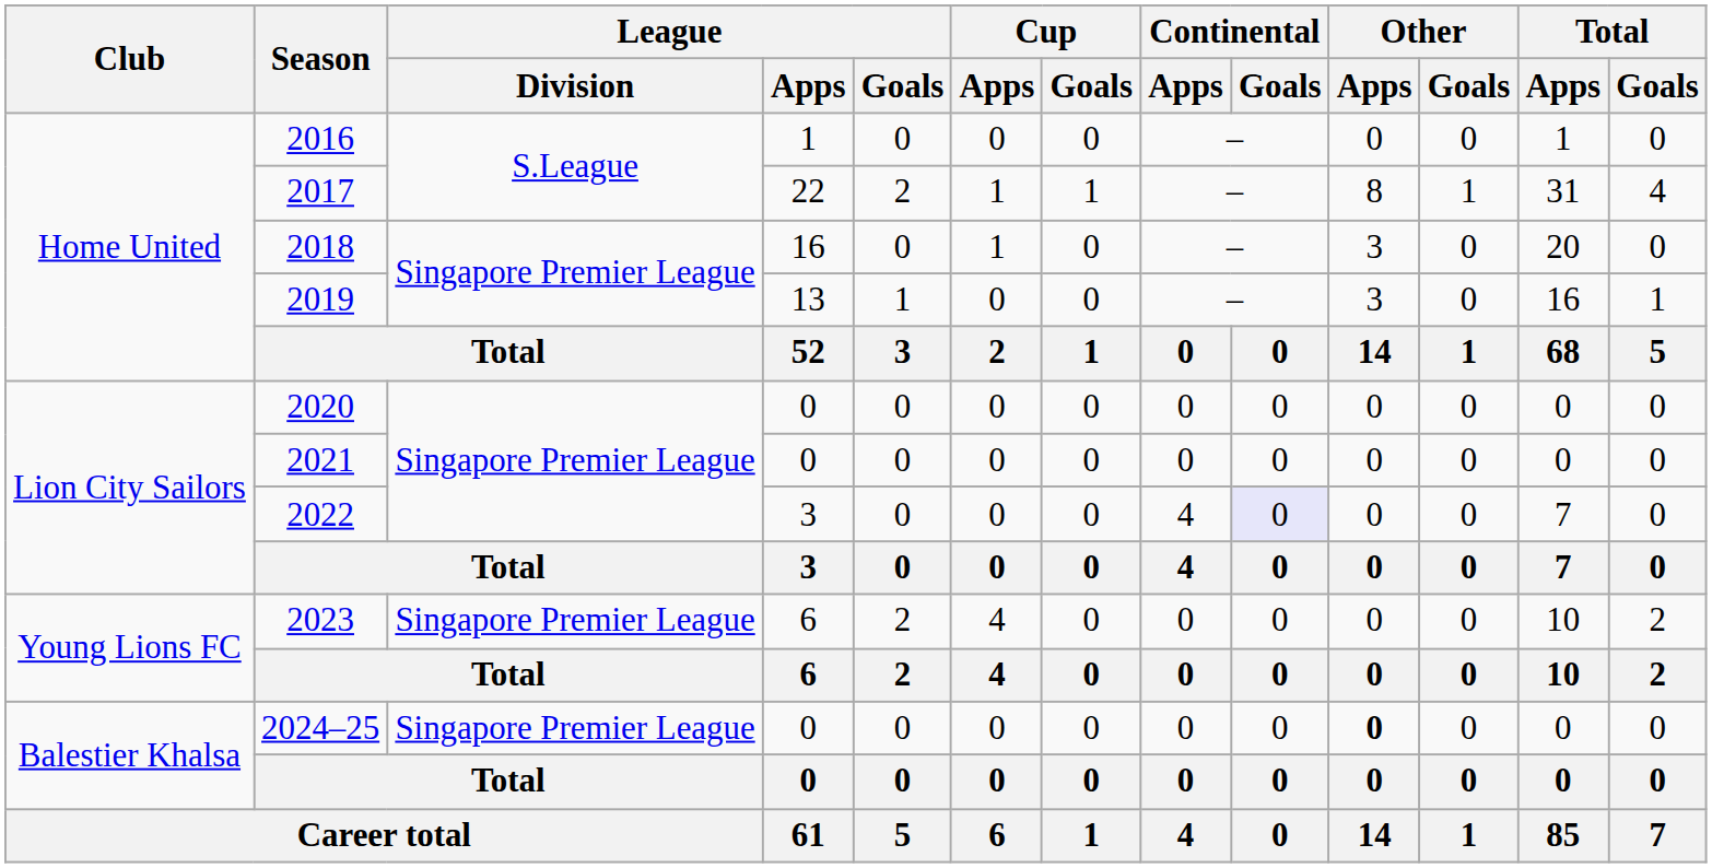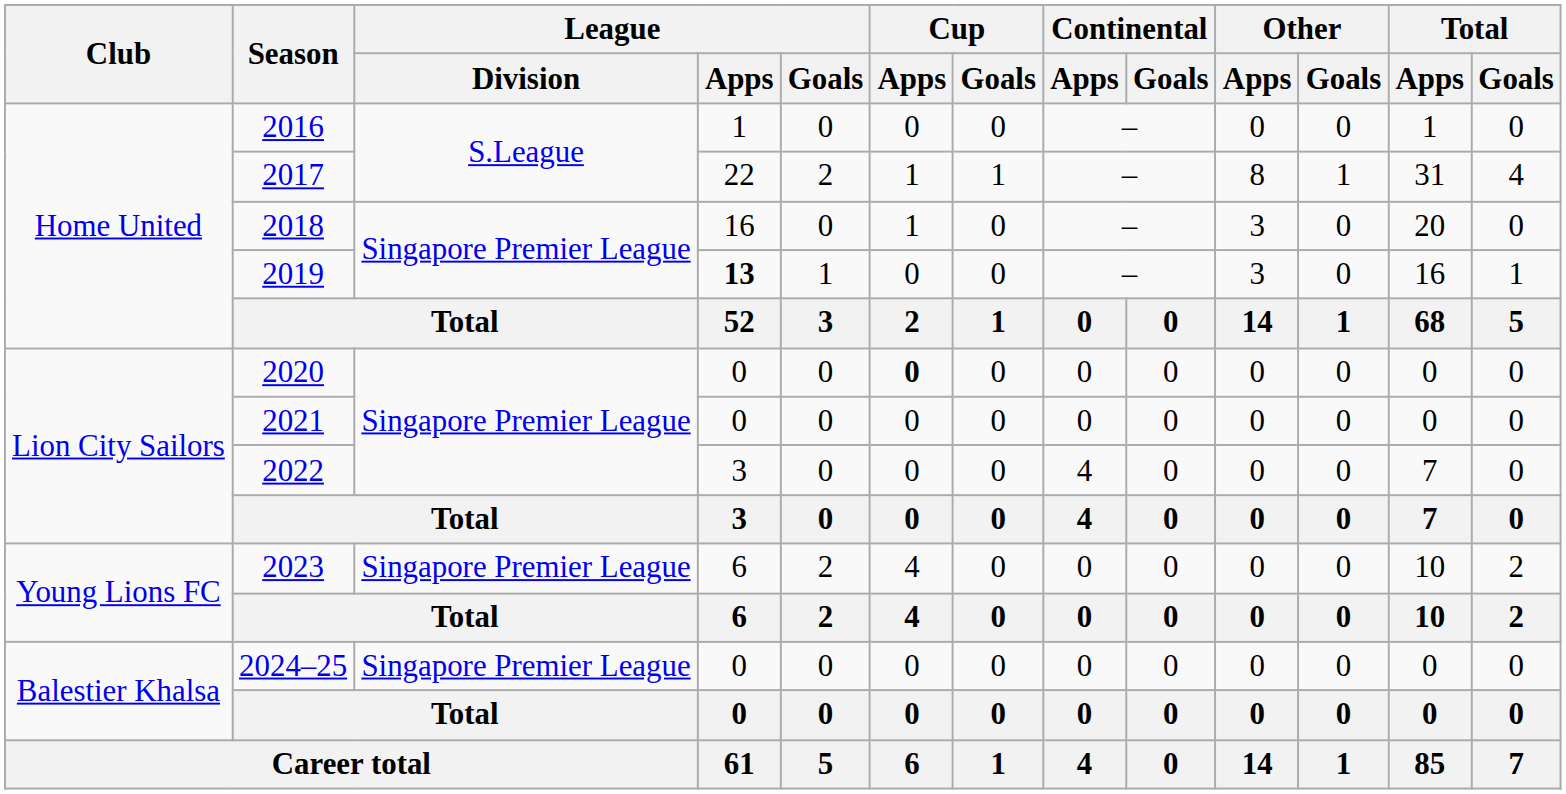 <table class="wikitable" style="text-align: center">
 <tr>
 <th rowspan="2">Club</th>
 <th rowspan="2">Season</th>
 <th colspan="3">League</th>
 <th colspan="2">Cup</th>
 <th colspan="2">Continental</th>
 <th colspan="2">Other</th>
 <th colspan="2">Total</th>
 </tr>
 <tr>
 <th>Division</th>
 <th>Apps</th>
 <th>Goals</th>
 <th>Apps</th>
 <th>Goals</th>
 <th>Apps</th>
 <th>Goals</th>
 <th>Apps</th>
 <th>Goals</th>
 <th>Apps</th>
 <th>Goals</th>
 </tr>
 <tr>
 <td rowspan="5"><a href='#'>Home United</a></td>
 <td><a href='#'>2016</a></td>
 <td rowspan="2"><a href='#'>S.League</a></td>
 <td>1</td>
 <td>0</td>
 <td>0</td>
 <td>0</td>
 <td colspan="2">–</td>
 <td>0</td>
 <td>0</td>
 <td>1</td>
 <td>0</td>
 </tr>
 <tr>
 <td><a href='#'>2017</a></td>
 <td>22</td>
 <td>2</td>
 <td>1</td>
 <td>1</td>
 <td colspan="2">–</td>
 <td>8</td>
 <td>1</td>
 <td>31</td>
 <td>4</td>
 </tr>
 <tr>
 <td><a href='#'>2018</a></td>
 <td rowspan="2"><a href='#'>Singapore Premier League</a></td>
 <td>16</td>
 <td>0</td>
 <td>1</td>
 <td>0</td>
 <td colspan="2">–</td>
 <td>3</td>
 <td>0</td>
 <td>20</td>
 <td>0</td>
 </tr>
 <tr>
 <td><a href='#'>2019</a></td>
-<td>13</td>
+<td><strong>13</strong></td>
 <td>1</td>
 <td>0</td>
 <td>0</td>
 <td colspan="2">–</td>
 <td>3</td>
 <td>0</td>
 <td>16</td>
 <td>1</td>
 </tr>
 <tr>
 <th colspan=2>Total</th>
 <th>52</th>
 <th>3</th>
 <th>2</th>
 <th>1</th>
 <th>0</th>
 <th>0</th>
 <th>14</th>
 <th>1</th>
 <th>68</th>
 <th>5</th>
 </tr>
 <tr>
 <td rowspan="4"><a href='#'>Lion City Sailors</a></td>
 <td><a href='#'>2020</a></td>
 <td rowspan="3"><a href='#'>Singapore Premier League</a></td>
 <td>0</td>
 <td>0</td>
-<td>0</td>
+<td><strong>0</strong></td>
 <td>0</td>
 <td>0</td>
 <td>0</td>
 <td>0</td>
 <td>0</td>
 <td>0</td>
 <td>0</td>
 </tr>
 <tr>
 <td><a href='#'>2021</a></td>
 <td>0</td>
 <td>0</td>
 <td>0</td>
 <td>0</td>
 <td>0</td>
 <td>0</td>
 <td>0</td>
 <td>0</td>
 <td>0</td>
 <td>0</td>
 </tr>
 <tr>
 <td><a href='#'>2022</a></td>
 <td>3</td>
 <td>0</td>
 <td>0</td>
 <td>0</td>
 <td>4</td>
-<td style="background: lavender;">0</td>
+<td>0</td>
 <td>0</td>
 <td>0</td>
 <td>7</td>
 <td>0</td>
 </tr>
 <tr>
 <th colspan=2>Total</th>
 <th>3</th>
 <th>0</th>
 <th>0</th>
 <th>0</th>
 <th>4</th>
 <th>0</th>
 <th>0</th>
 <th>0</th>
 <th>7</th>
 <th>0</th>
 </tr>
 <tr>
 <td rowspan="2"><a href='#'>Young Lions FC</a></td>
 <td><a href='#'>2023</a></td>
 <td><a href='#'>Singapore Premier League</a></td>
 <td>6</td>
 <td>2</td>
 <td>4</td>
 <td>0</td>
 <td>0</td>
 <td>0</td>
 <td>0</td>
 <td>0</td>
 <td>10</td>
 <td>2</td>
 </tr>
 <tr>
 <th colspan=2>Total</th>
 <th>6</th>
 <th>2</th>
 <th>4</th>
 <th>0</th>
 <th>0</th>
 <th>0</th>
 <th>0</th>
 <th>0</th>
 <th>10</th>
 <th>2</th>
 </tr>
 <tr>
 <td rowspan="2"><a href='#'>Balestier Khalsa</a></td>
 <td><a href='#'>2024–25</a></td>
 <td><a href='#'>Singapore Premier League</a></td>
 <td>0</td>
 <td>0</td>
 <td>0</td>
 <td>0</td>
 <td>0</td>
 <td>0</td>
-<td><strong>0</strong></td>
+<td>0</td>
 <td>0</td>
 <td>0</td>
 <td>0</td>
 </tr>
 <tr>
 <th colspan=2>Total</th>
 <th>0</th>
 <th>0</th>
 <th>0</th>
 <th>0</th>
 <th>0</th>
 <th>0</th>
 <th>0</th>
 <th>0</th>
 <th>0</th>
 <th>0</th>
 </tr>
 <tr>
 <th colspan=3>Career total</th>
 <th>61</th>
 <th>5</th>
 <th>6</th>
 <th>1</th>
 <th>4</th>
 <th>0</th>
 <th>14</th>
 <th>1</th>
 <th>85</th>
 <th>7</th>
 </tr>
 </table>
